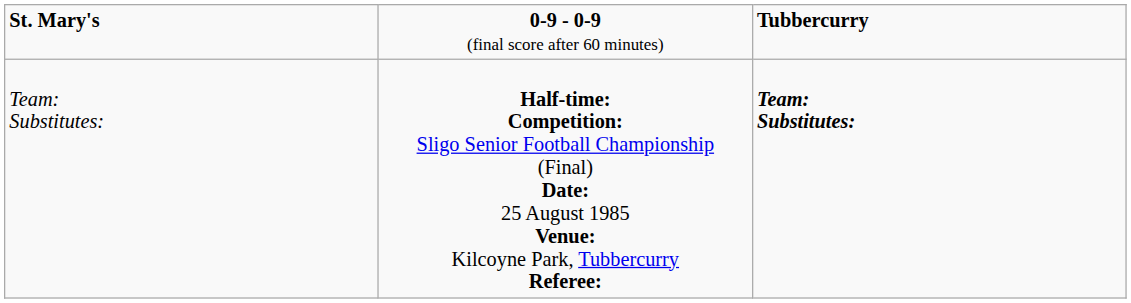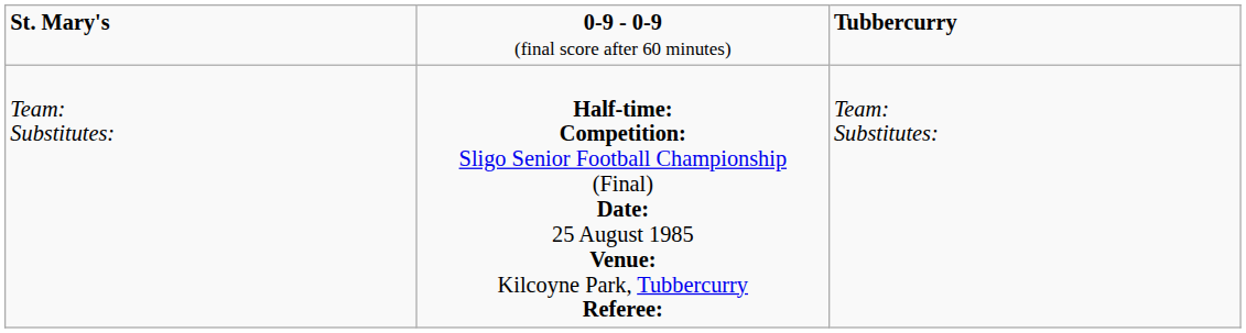 <table border=0 class="wikitable" width=100%>
 <tr>
 <td width=33% valign=top><span><strong>St. Mary's</strong></span><br><small></small></td>
 <td width=33% valign=top align=center><span><strong>0-9 - 0-9</strong></span><br><small>(final score after 60 minutes)</small></td>
 <td width=33% valign=top><span><strong>Tubbercurry</strong></span><br><small></small></td>
 </tr>
 <tr>
 <td valign=top><br><em>Team:</em> <br><em>Substitutes:</em> <br></td>
 <td valign=middle align=center><br><strong>Half-time:</strong><br><strong>Competition:</strong><br><a href='#'>Sligo Senior Football Championship</a><br>(Final)<br><strong>Date:</strong><br>25 August 1985<br><strong>Venue:</strong><br>Kilcoyne Park, <a href='#'>Tubbercurry</a><br><strong>Referee:</strong><br></td>
-<td valign=top><strong><br><em>Team:</em> <br><em>Substitutes:</em> <br></strong></td>
+<td valign=top><br><em>Team:</em> <br><em>Substitutes:</em> <br></td>
 </tr>
 </table>
